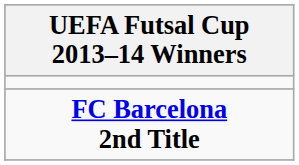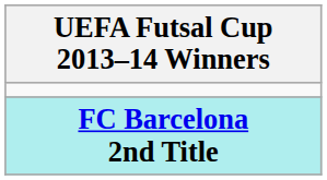 <table class="wikitable" style="text-align: center; margin: 0 auto; width: 20%">
 <tr>
 <th>UEFA Futsal Cup <br>2013–14 Winners</th>
 </tr>
 <tr>
 <td></td>
 </tr>
 <tr>
-<td><strong><a href='#'>FC Barcelona</a></strong><br><strong>2nd Title</strong></td>
+<td style="background: paleturquoise;"><strong><a href='#'>FC Barcelona</a></strong><br><strong>2nd Title</strong></td>
 </tr>
 </table>
